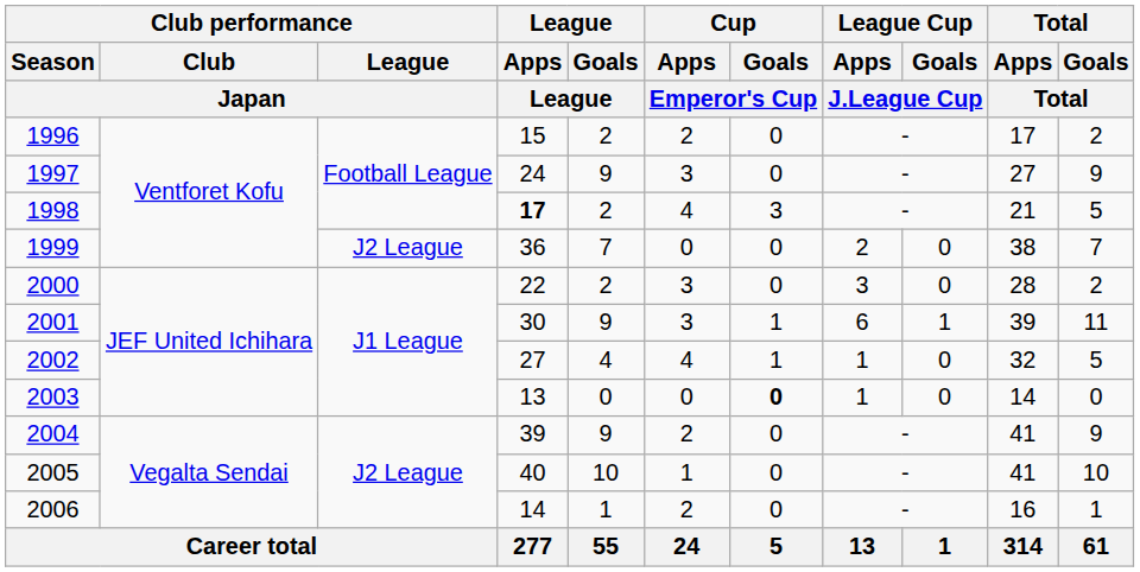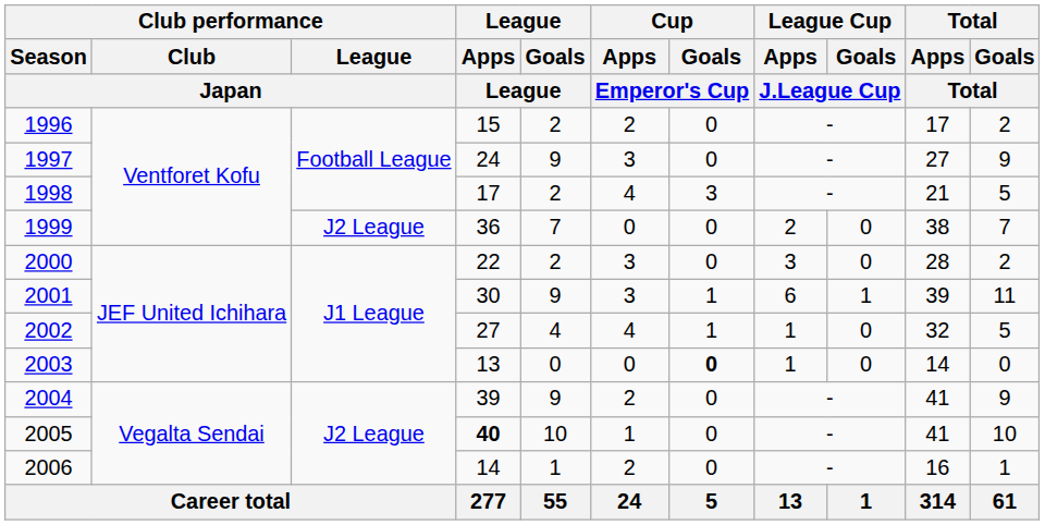 <table class="wikitable" style="text-align:center">
 <tr>
 <th colspan=3>Club performance</th>
 <th colspan=2>League</th>
 <th colspan=2>Cup</th>
 <th colspan=2>League Cup</th>
 <th colspan=2>Total</th>
 </tr>
 <tr>
 <th>Season</th>
 <th>Club</th>
 <th>League</th>
 <th>Apps</th>
 <th>Goals</th>
 <th>Apps</th>
 <th>Goals</th>
 <th>Apps</th>
 <th>Goals</th>
 <th>Apps</th>
 <th>Goals</th>
 </tr>
 <tr>
 <th colspan=3>Japan</th>
 <th colspan=2>League</th>
 <th colspan=2><a href='#'>Emperor's Cup</a></th>
 <th colspan=2><a href='#'>J.League Cup</a></th>
 <th colspan=2>Total</th>
 </tr>
 <tr>
 <td><a href='#'>1996</a></td>
 <td rowspan="4"><a href='#'>Ventforet Kofu</a></td>
 <td rowspan="3"><a href='#'>Football League</a></td>
 <td>15</td>
 <td>2</td>
 <td>2</td>
 <td>0</td>
 <td colspan="2">-</td>
 <td>17</td>
 <td>2</td>
 </tr>
 <tr>
 <td><a href='#'>1997</a></td>
 <td>24</td>
 <td>9</td>
 <td>3</td>
 <td>0</td>
 <td colspan="2">-</td>
 <td>27</td>
 <td>9</td>
 </tr>
 <tr>
 <td><a href='#'>1998</a></td>
-<td><strong>17</strong></td>
+<td>17</td>
 <td>2</td>
 <td>4</td>
 <td>3</td>
 <td colspan="2">-</td>
 <td>21</td>
 <td>5</td>
 </tr>
 <tr>
 <td><a href='#'>1999</a></td>
 <td><a href='#'>J2 League</a></td>
 <td>36</td>
 <td>7</td>
 <td>0</td>
 <td>0</td>
 <td>2</td>
 <td>0</td>
 <td>38</td>
 <td>7</td>
 </tr>
 <tr>
 <td><a href='#'>2000</a></td>
 <td rowspan="4"><a href='#'>JEF United Ichihara</a></td>
 <td rowspan="4"><a href='#'>J1 League</a></td>
 <td>22</td>
 <td>2</td>
 <td>3</td>
 <td>0</td>
 <td>3</td>
 <td>0</td>
 <td>28</td>
 <td>2</td>
 </tr>
 <tr>
 <td><a href='#'>2001</a></td>
 <td>30</td>
 <td>9</td>
 <td>3</td>
 <td>1</td>
 <td>6</td>
 <td>1</td>
 <td>39</td>
 <td>11</td>
 </tr>
 <tr>
 <td><a href='#'>2002</a></td>
 <td>27</td>
 <td>4</td>
 <td>4</td>
 <td>1</td>
 <td>1</td>
 <td>0</td>
 <td>32</td>
 <td>5</td>
 </tr>
 <tr>
 <td><a href='#'>2003</a></td>
 <td>13</td>
 <td>0</td>
 <td>0</td>
 <td><strong>0</strong></td>
 <td>1</td>
 <td>0</td>
 <td>14</td>
 <td>0</td>
 </tr>
 <tr>
 <td><a href='#'>2004</a></td>
 <td rowspan="3"><a href='#'>Vegalta Sendai</a></td>
 <td rowspan="3"><a href='#'>J2 League</a></td>
 <td>39</td>
 <td>9</td>
 <td>2</td>
 <td>0</td>
 <td colspan="2">-</td>
 <td>41</td>
 <td>9</td>
 </tr>
 <tr>
 <td>2005</td>
-<td>40</td>
+<td><strong>40</strong></td>
 <td>10</td>
 <td>1</td>
 <td>0</td>
 <td colspan="2">-</td>
 <td>41</td>
 <td>10</td>
 </tr>
 <tr>
 <td>2006</td>
 <td>14</td>
 <td>1</td>
 <td>2</td>
 <td>0</td>
 <td colspan="2">-</td>
 <td>16</td>
 <td>1</td>
 </tr>
 <tr>
 <th colspan=3>Career total</th>
 <th>277</th>
 <th>55</th>
 <th>24</th>
 <th>5</th>
 <th>13</th>
 <th>1</th>
 <th>314</th>
 <th>61</th>
 </tr>
 </table>
